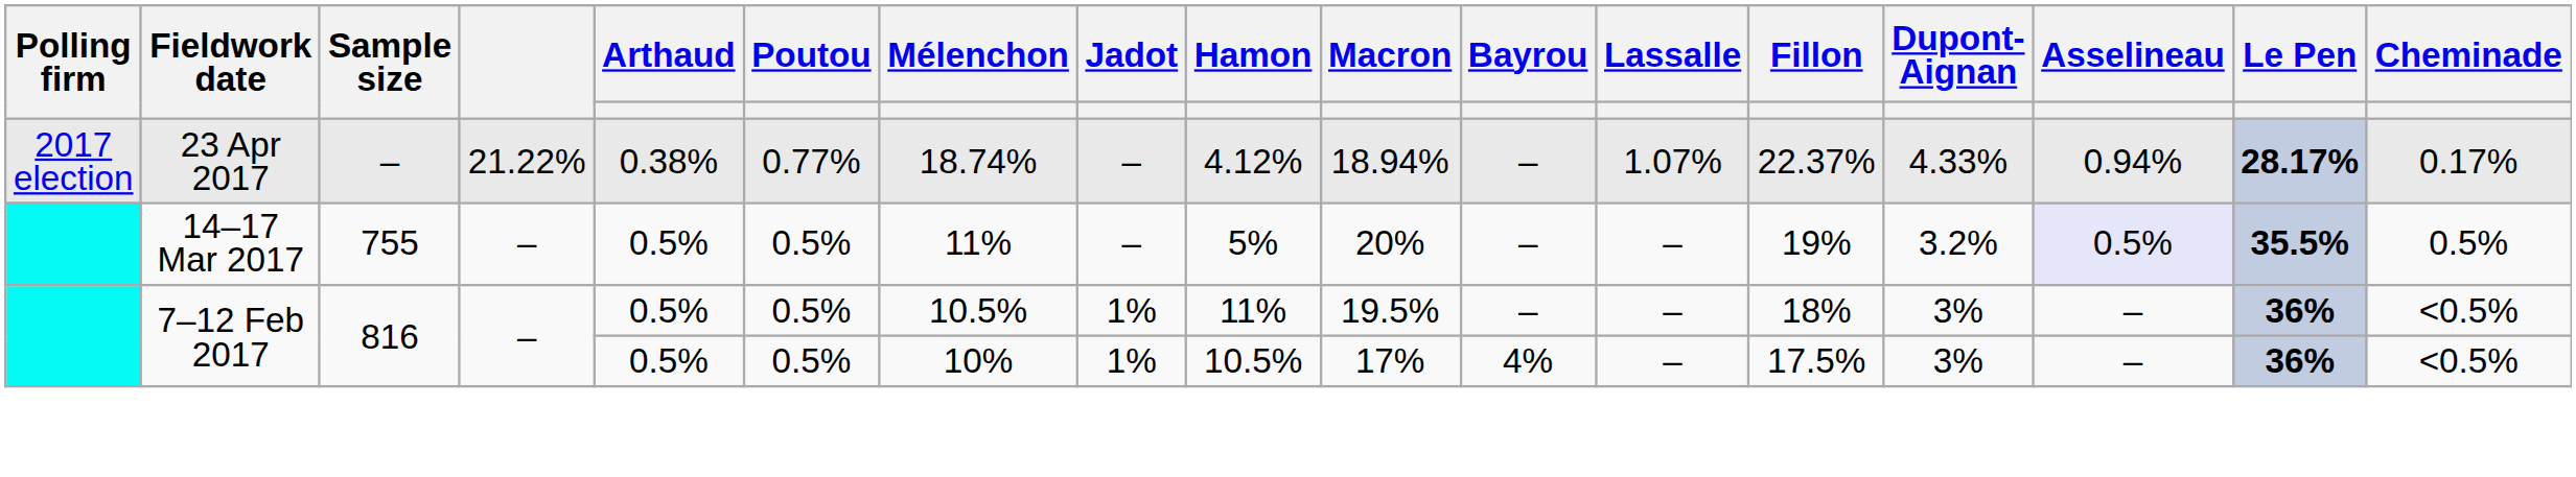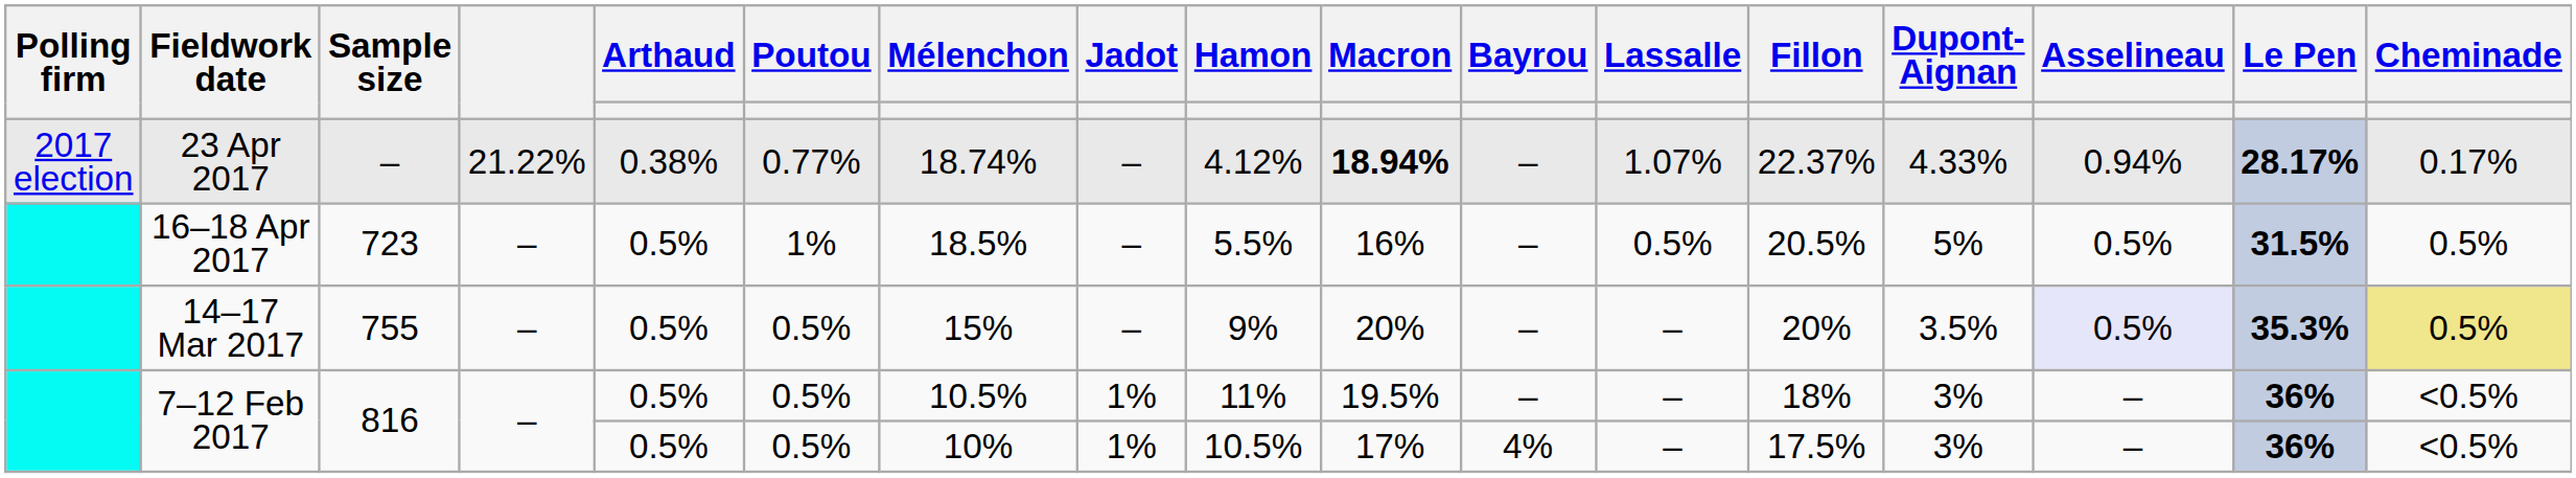 <table class="wikitable sortable" style="text-align:center;font-size:90%;line-height:14px;">
 <tr style="height:40px;">
 <th style="width:100px;" rowspan="2">Polling firm</th>
 <th style="width:110px;" rowspan="2">Fieldwork date</th>
 <th style="width:35px;" rowspan="2">Sample<br>size</th>
 <th style="width:30px;" rowspan="2"></th>
 <th class="unsortable" style="width:60px;"><a href='#'>Arthaud</a><br></th>
 <th class="unsortable" style="width:60px;"><a href='#'>Poutou</a><br></th>
 <th class="unsortable" style="width:60px;"><a href='#'>Mélenchon</a><br></th>
 <th class="unsortable" style="width:60px;"><a href='#'>Jadot</a><br></th>
 <th class="unsortable" style="width:60px;"><a href='#'>Hamon</a><br></th>
 <th class="unsortable" style="width:60px;"><a href='#'>Macron</a><br></th>
 <th class="unsortable" style="width:60px;"><a href='#'>Bayrou</a><br></th>
 <th class="unsortable" style="width:60px;"><a href='#'>Lassalle</a><br></th>
 <th class="unsortable" style="width:60px;"><a href='#'>Fillon</a><br></th>
 <th class="unsortable" style="width:60px;"><a href='#'>Dupont-Aignan</a><br></th>
 <th class="unsortable" style="width:60px;"><a href='#'>Asselineau</a><br></th>
 <th class="unsortable" style="width:60px;"><a href='#'>Le Pen</a><br></th>
 <th class="unsortable" style="width:60px;"><a href='#'>Cheminade</a><br></th>
 </tr>
 <tr>
 <th style="background:"></th>
 <th style="background:"></th>
 <th style="background:"></th>
 <th style="background:"></th>
 <th style="background:"></th>
 <th style="background:"></th>
 <th style="background:"></th>
 <th style="background:"></th>
 <th style="background:"></th>
 <th style="background:"></th>
 <th style="background:"></th>
 <th style="background:"></th>
 <th style="background:"></th>
 </tr>
 <tr style="background:#E9E9E9;">
 <td><a href='#'>2017 election</a></td>
 <td data-sort-value="2017-04-23">23 Apr 2017</td>
 <td>–</td>
 <td>21.22%</td>
 <td>0.38%</td>
 <td>0.77%</td>
 <td>18.74%</td>
 <td>–</td>
 <td>4.12%</td>
-<td>18.94%</td>
+<td><strong>18.94%</strong></td>
 <td>–</td>
 <td>1.07%</td>
 <td>22.37%</td>
 <td>4.33%</td>
 <td>0.94%</td>
 <td style="background:#C1CCE1;"><strong>28.17%</strong></td>
 <td>0.17%</td>
 </tr>
 <tr>
 <td style="background:#04FBF4;"></td>
+<td data-sort-value="2017-04-18">16–18 Apr 2017</td>
+<td>723</td>
+<td>–</td>
+<td>0.5%</td>
+<td>1%</td>
+<td>18.5%</td>
+<td>–</td>
+<td>5.5%</td>
+<td>16%</td>
+<td>–</td>
+<td>0.5%</td>
+<td>20.5%</td>
+<td>5%</td>
+<td>0.5%</td>
+<td style="background:#C1CCE1;"><strong>31.5%</strong></td>
+<td>0.5%</td>
+</tr>
+<tr>
+<td style="background:#04FBF4;"></td>
 <td data-sort-value="2017-03-17">14–17 Mar 2017</td>
 <td>755</td>
 <td>–</td>
 <td>0.5%</td>
 <td>0.5%</td>
-<td>11%</td>
+<td>15%</td>
 <td>–</td>
-<td>5%</td>
+<td>9%</td>
 <td>20%</td>
 <td>–</td>
 <td>–</td>
-<td>19%</td>
-<td>3.2%</td>
+<td>20%</td>
+<td>3.5%</td>
 <td style="background: lavender;">0.5%</td>
-<td style="background:#C1CCE1;"><strong>35.5%</strong></td>
-<td>0.5%</td>
+<td style="background:#C1CCE1;"><strong>35.3%</strong></td>
+<td style="background: khaki;">0.5%</td>
 </tr>
 <tr>
 <td rowspan="2" style="background:#04FBF4;"></td>
 <td rowspan="2" data-sort-value="2017-02-12">7–12 Feb 2017</td>
 <td rowspan="2">816</td>
 <td rowspan="2">–</td>
 <td>0.5%</td>
 <td>0.5%</td>
 <td>10.5%</td>
 <td>1%</td>
 <td>11%</td>
 <td>19.5%</td>
 <td>–</td>
 <td>–</td>
 <td>18%</td>
 <td>3%</td>
 <td>–</td>
 <td style="background:#C1CCE1;"><strong>36%</strong></td>
 <td data-sort-value="0%"><0.5%</td>
 </tr>
 <tr>
 <td>0.5%</td>
 <td>0.5%</td>
 <td>10%</td>
 <td>1%</td>
 <td>10.5%</td>
 <td>17%</td>
 <td>4%</td>
 <td>–</td>
 <td>17.5%</td>
 <td>3%</td>
 <td>–</td>
 <td style="background:#C1CCE1;"><strong>36%</strong></td>
 <td data-sort-value="0%"><0.5%</td>
 </tr>
 </table>
